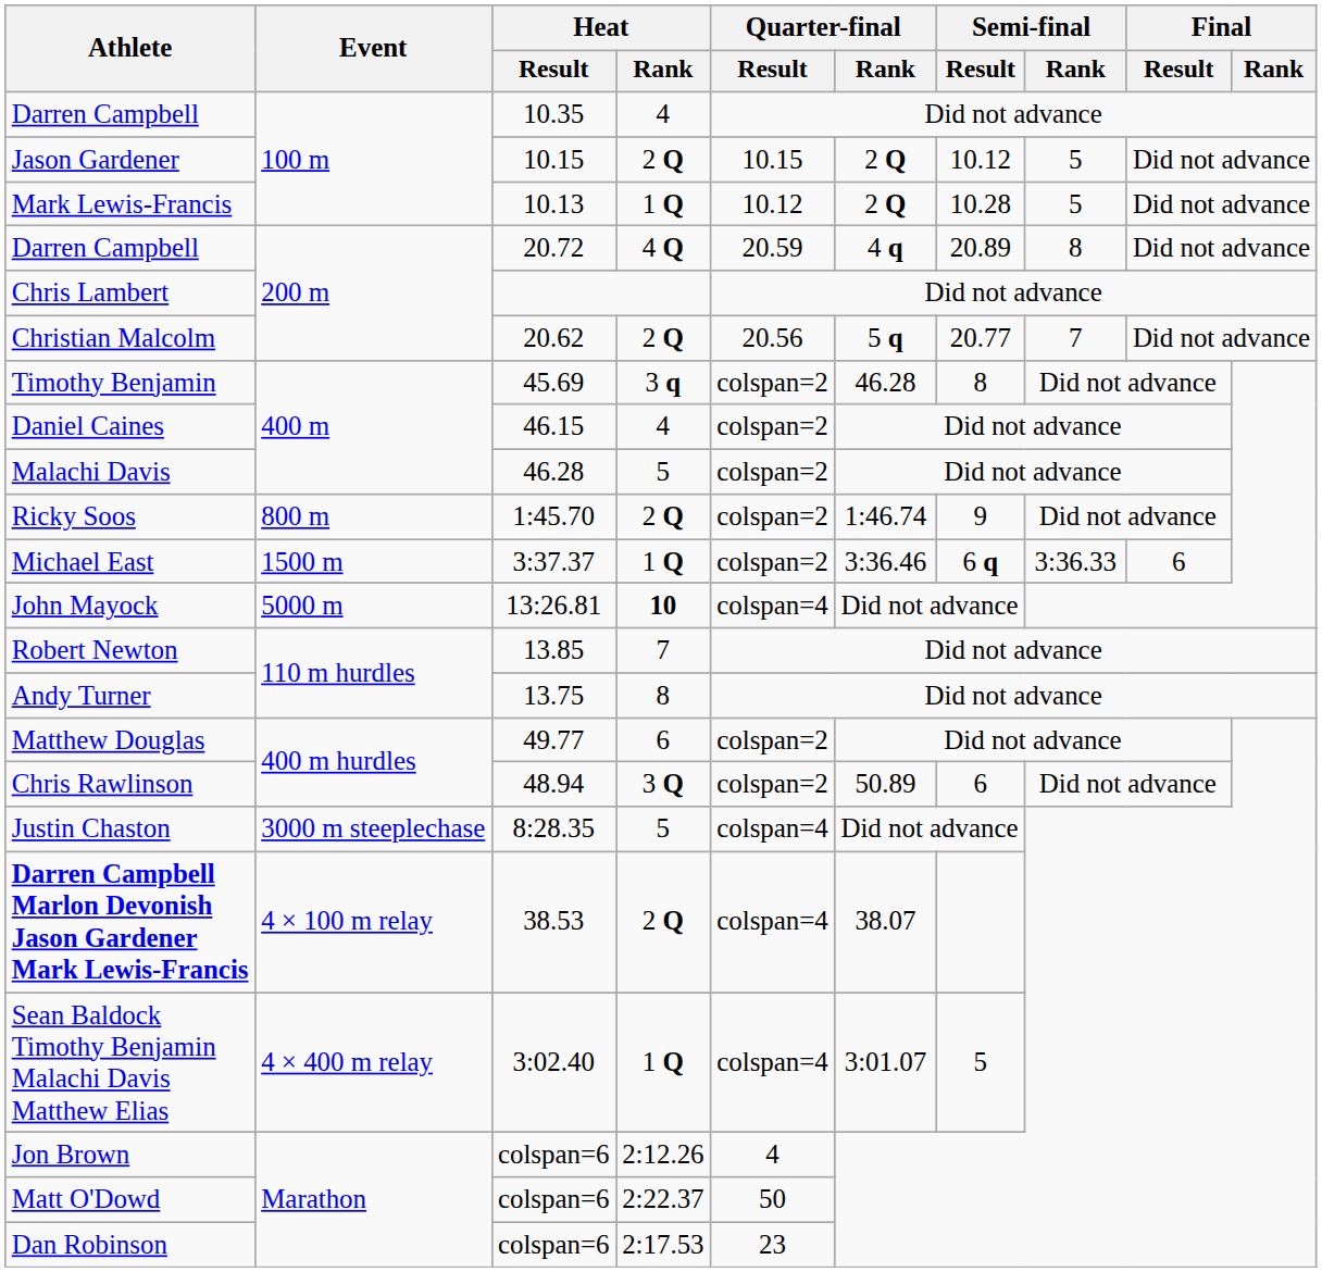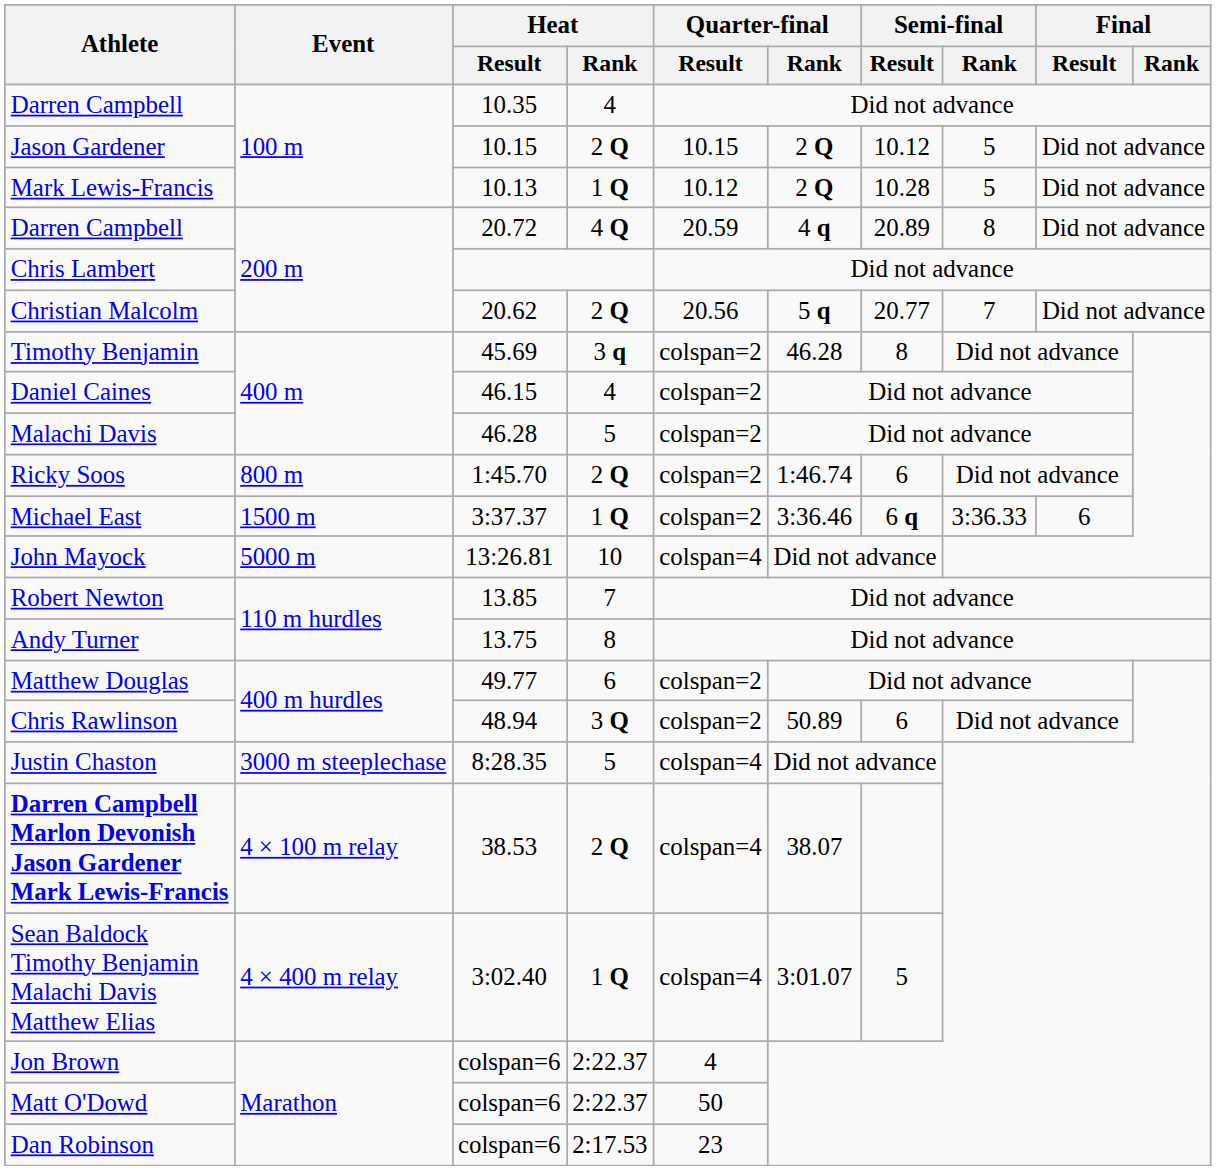 <table class=wikitable style="font-size:90%">
 <tr>
 <th rowspan="2">Athlete</th>
 <th rowspan="2">Event</th>
 <th colspan="2">Heat</th>
 <th colspan="2">Quarter-final</th>
 <th colspan="2">Semi-final</th>
 <th colspan="2">Final</th>
 </tr>
 <tr style="font-size:95%">
 <th>Result</th>
 <th>Rank</th>
 <th>Result</th>
 <th>Rank</th>
 <th>Result</th>
 <th>Rank</th>
 <th>Result</th>
 <th>Rank</th>
 </tr>
 <tr align=center>
 <td align=left><a href='#'>Darren Campbell</a></td>
 <td align=left rowspan=3><a href='#'>100 m</a></td>
 <td>10.35</td>
 <td>4</td>
 <td colspan=6>Did not advance</td>
 </tr>
 <tr align=center>
 <td align=left><a href='#'>Jason Gardener</a></td>
 <td>10.15</td>
 <td>2 <strong>Q</strong></td>
 <td>10.15</td>
 <td>2 <strong>Q</strong></td>
 <td>10.12</td>
 <td>5</td>
 <td colspan=2>Did not advance</td>
 </tr>
 <tr align=center>
 <td align=left><a href='#'>Mark Lewis-Francis</a></td>
 <td>10.13</td>
 <td>1 <strong>Q</strong></td>
 <td>10.12</td>
 <td>2 <strong>Q</strong></td>
 <td>10.28</td>
 <td>5</td>
 <td colspan=2>Did not advance</td>
 </tr>
 <tr align=center>
 <td align=left><a href='#'>Darren Campbell</a></td>
 <td align=left rowspan=3><a href='#'>200 m</a></td>
 <td>20.72</td>
 <td>4 <strong>Q</strong></td>
 <td>20.59</td>
 <td>4 <strong>q</strong></td>
 <td>20.89</td>
 <td>8</td>
 <td colspan=2>Did not advance</td>
 </tr>
 <tr align=center>
 <td align=left><a href='#'>Chris Lambert</a></td>
 <td colspan=2></td>
 <td colspan=6>Did not advance</td>
 </tr>
 <tr align=center>
 <td align=left><a href='#'>Christian Malcolm</a></td>
 <td>20.62</td>
 <td>2 <strong>Q</strong></td>
 <td>20.56</td>
 <td>5 <strong>q</strong></td>
 <td>20.77</td>
 <td>7</td>
 <td colspan=2>Did not advance</td>
 </tr>
 <tr align=center>
 <td align=left><a href='#'>Timothy Benjamin</a></td>
 <td align=left rowspan=3><a href='#'>400 m</a></td>
 <td>45.69</td>
 <td>3 <strong>q</strong></td>
 <td>colspan=2 </td>
 <td>46.28</td>
 <td>8</td>
 <td colspan=2>Did not advance</td>
 </tr>
 <tr align=center>
 <td align=left><a href='#'>Daniel Caines</a></td>
 <td>46.15</td>
 <td>4</td>
 <td>colspan=2 </td>
 <td colspan=4>Did not advance</td>
 </tr>
 <tr align=center>
 <td align=left><a href='#'>Malachi Davis</a></td>
 <td>46.28</td>
 <td>5</td>
 <td>colspan=2 </td>
 <td colspan=4>Did not advance</td>
 </tr>
 <tr align=center>
 <td align=left><a href='#'>Ricky Soos</a></td>
 <td align=left><a href='#'>800 m</a></td>
 <td>1:45.70</td>
 <td>2 <strong>Q</strong></td>
 <td>colspan=2 </td>
 <td>1:46.74</td>
-<td>9</td>
+<td>6</td>
 <td colspan=2>Did not advance</td>
 </tr>
 <tr align=center>
 <td align=left><a href='#'>Michael East</a></td>
 <td align=left><a href='#'>1500 m</a></td>
 <td>3:37.37</td>
 <td>1 <strong>Q</strong></td>
 <td>colspan=2 </td>
 <td>3:36.46</td>
 <td>6 <strong>q</strong></td>
 <td>3:36.33</td>
 <td>6</td>
 </tr>
 <tr align=center>
 <td align=left><a href='#'>John Mayock</a></td>
 <td align=left><a href='#'>5000 m</a></td>
 <td>13:26.81</td>
-<td><strong>10</strong></td>
+<td>10</td>
 <td>colspan=4 </td>
 <td colspan=2>Did not advance</td>
 </tr>
 <tr align=center>
 <td align=left><a href='#'>Robert Newton</a></td>
 <td align=left rowspan=2><a href='#'>110 m hurdles</a></td>
 <td>13.85</td>
 <td>7</td>
 <td colspan=6>Did not advance</td>
 </tr>
 <tr align=center>
 <td align=left><a href='#'>Andy Turner</a></td>
 <td>13.75</td>
 <td>8</td>
 <td colspan=6>Did not advance</td>
 </tr>
 <tr align=center>
 <td align=left><a href='#'>Matthew Douglas</a></td>
 <td align=left rowspan=2><a href='#'>400 m hurdles</a></td>
 <td>49.77</td>
 <td>6</td>
 <td>colspan=2 </td>
 <td colspan=4>Did not advance</td>
 </tr>
 <tr align=center>
 <td align=left><a href='#'>Chris Rawlinson</a></td>
 <td>48.94</td>
 <td>3 <strong>Q</strong></td>
 <td>colspan=2 </td>
 <td>50.89</td>
 <td>6</td>
 <td colspan=2>Did not advance</td>
 </tr>
 <tr align=center>
 <td align=left><a href='#'>Justin Chaston</a></td>
 <td align=left><a href='#'>3000 m steeplechase</a></td>
 <td>8:28.35</td>
 <td>5</td>
 <td>colspan=4 </td>
 <td colspan=2>Did not advance</td>
 </tr>
 <tr align=center>
 <td align=left><strong><a href='#'>Darren Campbell</a><br><a href='#'>Marlon Devonish</a><br><a href='#'>Jason Gardener</a><br><a href='#'>Mark Lewis-Francis</a></strong></td>
 <td align=left><a href='#'>4 × 100 m relay</a></td>
 <td>38.53</td>
 <td>2 <strong>Q</strong></td>
 <td>colspan=4 </td>
 <td>38.07</td>
 <td></td>
 </tr>
 <tr align=center>
 <td align=left><a href='#'>Sean Baldock</a><br><a href='#'>Timothy Benjamin</a><br><a href='#'>Malachi Davis</a><br><a href='#'>Matthew Elias</a></td>
 <td align=left><a href='#'>4 × 400 m relay</a></td>
 <td>3:02.40</td>
 <td>1 <strong>Q</strong></td>
 <td>colspan=4 </td>
 <td>3:01.07</td>
 <td>5</td>
 </tr>
 <tr align=center>
 <td align=left><a href='#'>Jon Brown</a></td>
 <td align=left rowspan=3><a href='#'>Marathon</a></td>
 <td>colspan=6 </td>
-<td>2:12.26</td>
+<td>2:22.37</td>
 <td>4</td>
 </tr>
 <tr align=center>
 <td align=left><a href='#'>Matt O'Dowd</a></td>
 <td>colspan=6 </td>
 <td>2:22.37</td>
 <td>50</td>
 </tr>
 <tr align=center>
 <td align=left><a href='#'>Dan Robinson</a></td>
 <td>colspan=6 </td>
 <td>2:17.53</td>
 <td>23</td>
 </tr>
 </table>
